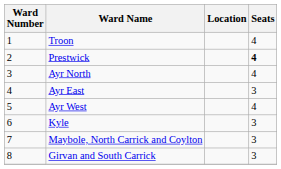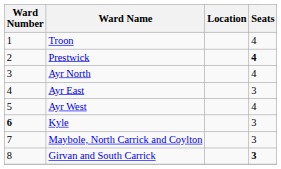 <table class="wikitable sortable">
 <tr>
 <th>Ward<br>Number</th>
 <th>Ward Name</th>
 <th>Location</th>
 <th>Seats</th>
 </tr>
 <tr>
 <td>1</td>
 <td><a href='#'>Troon</a></td>
 <td></td>
 <td>4</td>
 </tr>
 <tr>
 <td>2</td>
 <td><a href='#'>Prestwick</a></td>
 <td></td>
 <td><strong>4</strong></td>
 </tr>
 <tr>
 <td>3</td>
 <td><a href='#'>Ayr North</a></td>
 <td></td>
 <td>4</td>
 </tr>
 <tr>
 <td>4</td>
 <td><a href='#'>Ayr East</a></td>
 <td></td>
 <td>3</td>
 </tr>
 <tr>
 <td>5</td>
 <td><a href='#'>Ayr West</a></td>
 <td></td>
 <td>4</td>
 </tr>
 <tr>
-<td>6</td>
+<td><strong>6</strong></td>
 <td><a href='#'>Kyle</a></td>
 <td></td>
 <td>3</td>
 </tr>
 <tr>
 <td>7</td>
 <td><a href='#'>Maybole, North Carrick and Coylton</a></td>
 <td></td>
 <td>3</td>
 </tr>
 <tr>
 <td>8</td>
 <td><a href='#'>Girvan and South Carrick</a></td>
 <td></td>
-<td>3</td>
+<td><strong>3</strong></td>
 </tr>
 <tr>
 </tr>
 </table>
